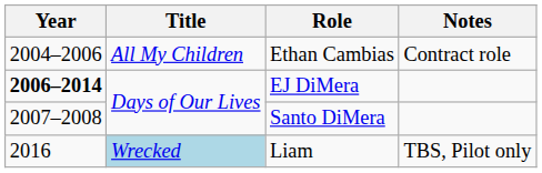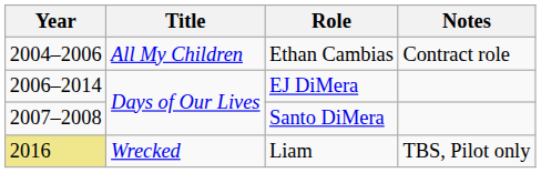 <table class="wikitable sortable">
 <tr>
 <th>Year</th>
 <th>Title</th>
 <th>Role</th>
 <th class="unsortable">Notes</th>
 </tr>
 <tr>
 <td>2004–2006</td>
 <td><em><a href='#'>All My Children</a></em></td>
 <td>Ethan Cambias</td>
 <td>Contract role</td>
 </tr>
 <tr>
-<td><strong>2006–2014</strong></td>
+<td>2006–2014</td>
 <td rowspan=2><em><a href='#'>Days of Our Lives</a></em></td>
 <td><a href='#'>EJ DiMera</a></td>
 <td></td>
 </tr>
 <tr>
 <td>2007–2008</td>
 <td><a href='#'>Santo DiMera</a></td>
 <td></td>
 </tr>
 <tr>
-<td>2016</td>
-<td style="background: lightblue;"><em><a href='#'>Wrecked</a></em></td>
+<td style="background: khaki;">2016</td>
+<td><em><a href='#'>Wrecked</a></em></td>
 <td>Liam</td>
 <td>TBS, Pilot only</td>
 </tr>
 </table>
